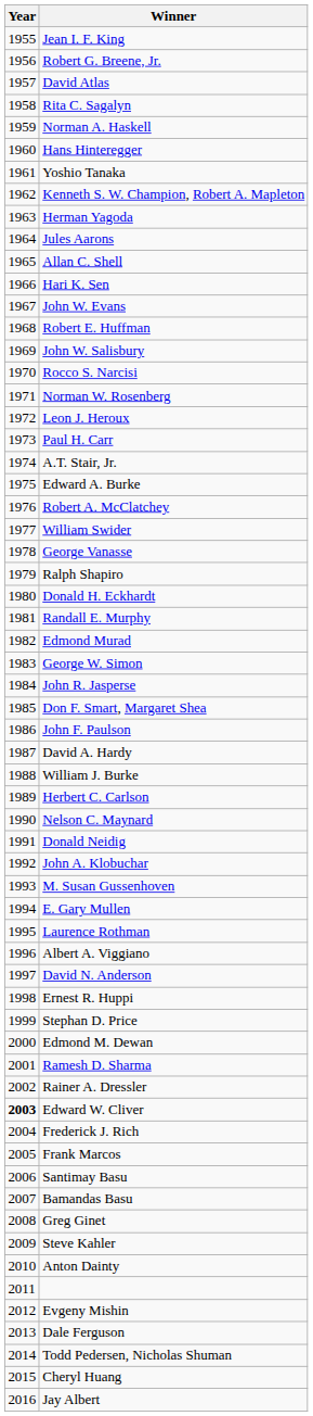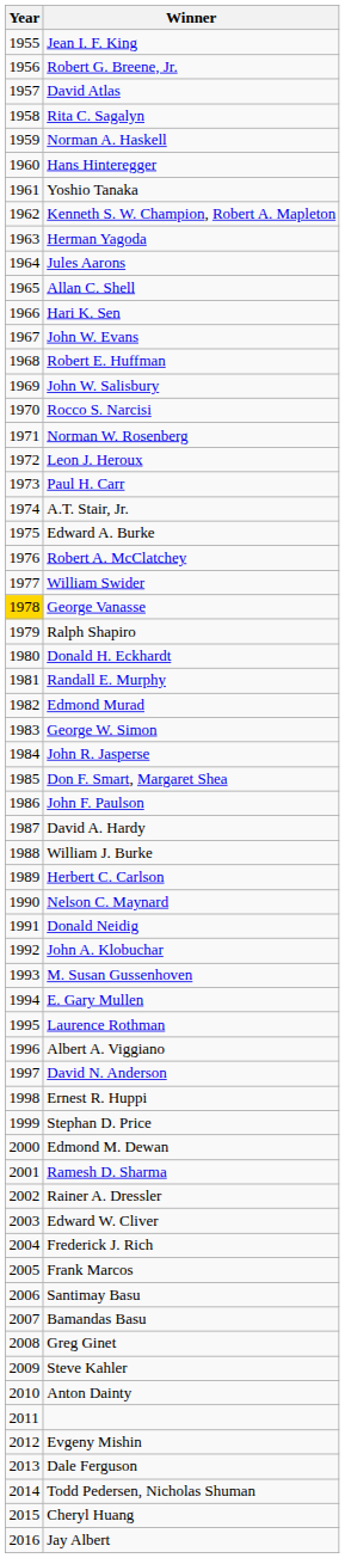 <table class="wikitable">
 <tr>
 <th>Year</th>
 <th>Winner</th>
 </tr>
 <tr>
 <td>1955</td>
 <td><a href='#'>Jean I. F. King</a></td>
 </tr>
 <tr>
 <td>1956</td>
 <td><a href='#'>Robert G. Breene, Jr.</a></td>
 </tr>
 <tr>
 <td>1957</td>
 <td><a href='#'>David Atlas</a></td>
 </tr>
 <tr>
 <td>1958</td>
 <td><a href='#'>Rita C. Sagalyn</a></td>
 </tr>
 <tr>
 <td>1959</td>
 <td><a href='#'>Norman A. Haskell</a></td>
 </tr>
 <tr>
 <td>1960</td>
 <td><a href='#'>Hans Hinteregger</a></td>
 </tr>
 <tr>
 <td>1961</td>
 <td>Yoshio Tanaka</td>
 </tr>
 <tr>
 <td>1962</td>
 <td><a href='#'>Kenneth S. W. Champion</a>, <a href='#'>Robert A. Mapleton</a></td>
 </tr>
 <tr>
 <td>1963</td>
 <td><a href='#'>Herman Yagoda</a></td>
 </tr>
 <tr>
 <td>1964</td>
 <td><a href='#'>Jules Aarons</a></td>
 </tr>
 <tr>
 <td>1965</td>
 <td><a href='#'>Allan C. Shell</a></td>
 </tr>
 <tr>
 <td>1966</td>
 <td><a href='#'>Hari K. Sen</a></td>
 </tr>
 <tr>
 <td>1967</td>
 <td><a href='#'>John W. Evans</a></td>
 </tr>
 <tr>
 <td>1968</td>
 <td><a href='#'>Robert E. Huffman</a></td>
 </tr>
 <tr>
 <td>1969</td>
 <td><a href='#'>John W. Salisbury</a></td>
 </tr>
 <tr>
 <td>1970</td>
 <td><a href='#'>Rocco S. Narcisi</a></td>
 </tr>
 <tr>
 <td>1971</td>
 <td><a href='#'>Norman W. Rosenberg</a></td>
 </tr>
 <tr>
 <td>1972</td>
 <td><a href='#'>Leon J. Heroux</a></td>
 </tr>
 <tr>
 <td>1973</td>
 <td><a href='#'>Paul H. Carr</a></td>
 </tr>
 <tr>
 <td>1974</td>
 <td>A.T. Stair, Jr.</td>
 </tr>
 <tr>
 <td>1975</td>
 <td>Edward A. Burke</td>
 </tr>
 <tr>
 <td>1976</td>
 <td><a href='#'>Robert A. McClatchey</a></td>
 </tr>
 <tr>
 <td>1977</td>
 <td><a href='#'>William Swider</a></td>
 </tr>
 <tr>
-<td>1978</td>
+<td style="background: gold;">1978</td>
 <td><a href='#'>George Vanasse</a></td>
 </tr>
 <tr>
 <td>1979</td>
 <td>Ralph Shapiro</td>
 </tr>
 <tr>
 <td>1980</td>
 <td><a href='#'>Donald H. Eckhardt</a></td>
 </tr>
 <tr>
 <td>1981</td>
 <td><a href='#'>Randall E. Murphy</a></td>
 </tr>
 <tr>
 <td>1982</td>
 <td><a href='#'>Edmond Murad</a></td>
 </tr>
 <tr>
 <td>1983</td>
 <td><a href='#'>George W. Simon</a></td>
 </tr>
 <tr>
 <td>1984</td>
 <td><a href='#'>John R. Jasperse</a></td>
 </tr>
 <tr>
 <td>1985</td>
 <td><a href='#'>Don F. Smart</a>, <a href='#'>Margaret Shea</a></td>
 </tr>
 <tr>
 <td>1986</td>
 <td><a href='#'>John F. Paulson</a></td>
 </tr>
 <tr>
 <td>1987</td>
 <td>David A. Hardy</td>
 </tr>
 <tr>
 <td>1988</td>
 <td>William J. Burke</td>
 </tr>
 <tr>
 <td>1989</td>
 <td><a href='#'>Herbert C. Carlson</a></td>
 </tr>
 <tr>
 <td>1990</td>
 <td><a href='#'>Nelson C. Maynard</a></td>
 </tr>
 <tr>
 <td>1991</td>
 <td><a href='#'>Donald Neidig</a></td>
 </tr>
 <tr>
 <td>1992</td>
 <td><a href='#'>John A. Klobuchar</a></td>
 </tr>
 <tr>
 <td>1993</td>
 <td><a href='#'>M. Susan Gussenhoven</a></td>
 </tr>
 <tr>
 <td>1994</td>
 <td><a href='#'>E. Gary Mullen</a></td>
 </tr>
 <tr>
 <td>1995</td>
 <td><a href='#'>Laurence Rothman</a></td>
 </tr>
 <tr>
 <td>1996</td>
 <td>Albert A. Viggiano</td>
 </tr>
 <tr>
 <td>1997</td>
 <td><a href='#'>David N. Anderson</a></td>
 </tr>
 <tr>
 <td>1998</td>
 <td>Ernest R. Huppi</td>
 </tr>
 <tr>
 <td>1999</td>
 <td>Stephan D. Price</td>
 </tr>
 <tr>
 <td>2000</td>
 <td>Edmond M. Dewan</td>
 </tr>
 <tr>
 <td>2001</td>
 <td><a href='#'>Ramesh D. Sharma</a></td>
 </tr>
 <tr>
 <td>2002</td>
 <td>Rainer A. Dressler</td>
 </tr>
 <tr>
-<td><strong>2003</strong></td>
+<td>2003</td>
 <td>Edward W. Cliver</td>
 </tr>
 <tr>
 <td>2004</td>
 <td>Frederick J. Rich</td>
 </tr>
 <tr>
 <td>2005</td>
 <td>Frank Marcos</td>
 </tr>
 <tr>
 <td>2006</td>
 <td>Santimay Basu</td>
 </tr>
 <tr>
 <td>2007</td>
 <td>Bamandas Basu</td>
 </tr>
 <tr>
 <td>2008</td>
 <td>Greg Ginet</td>
 </tr>
 <tr>
 <td>2009</td>
 <td>Steve Kahler</td>
 </tr>
 <tr>
 <td>2010</td>
 <td>Anton Dainty</td>
 </tr>
 <tr>
 <td>2011</td>
 <td></td>
 </tr>
 <tr>
 <td>2012</td>
 <td>Evgeny Mishin</td>
 </tr>
 <tr>
 <td>2013</td>
 <td>Dale Ferguson</td>
 </tr>
 <tr>
 <td>2014</td>
 <td>Todd Pedersen, Nicholas Shuman</td>
 </tr>
 <tr>
 <td>2015</td>
 <td>Cheryl Huang</td>
 </tr>
 <tr>
 <td>2016</td>
 <td>Jay Albert</td>
 </tr>
 </table>
